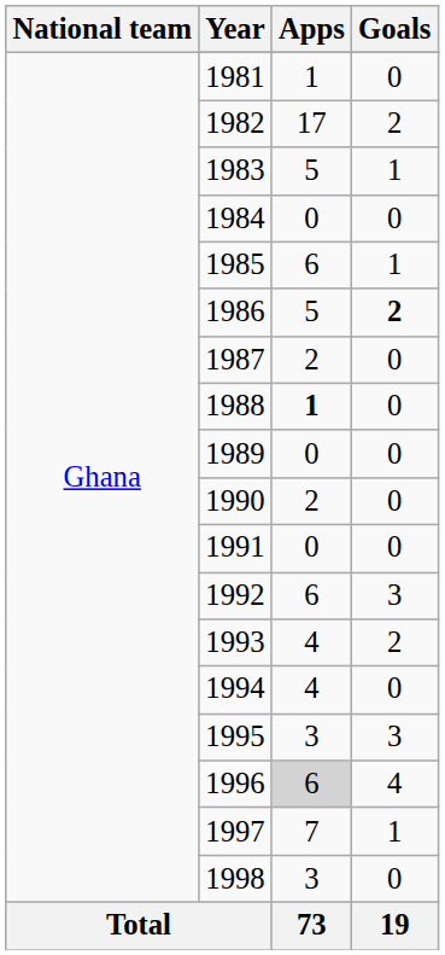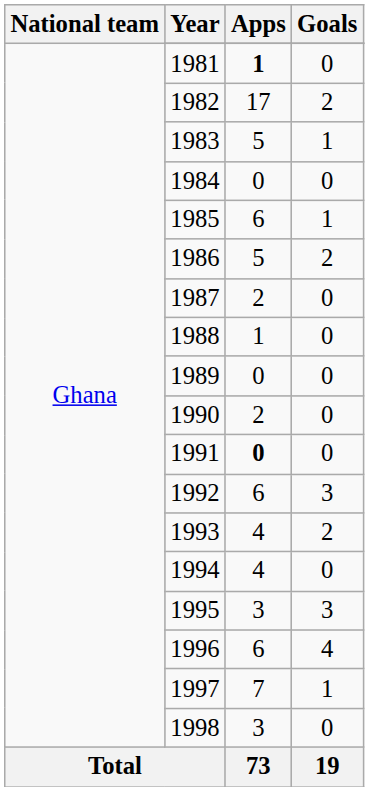 <table class="wikitable" style="text-align:center">
 <tr>
 <th>National team</th>
 <th>Year</th>
 <th>Apps</th>
 <th>Goals</th>
 </tr>
 <tr>
 <td rowspan="19"><a href='#'>Ghana</a></td>
 </tr>
 <tr>
 <td>1981</td>
-<td>1</td>
+<td><strong>1</strong></td>
 <td>0</td>
 </tr>
 <tr>
 <td>1982</td>
 <td>17</td>
 <td>2</td>
 </tr>
 <tr>
 <td>1983</td>
 <td>5</td>
 <td>1</td>
 </tr>
 <tr>
 <td>1984</td>
 <td>0</td>
 <td>0</td>
 </tr>
 <tr>
 <td>1985</td>
 <td>6</td>
 <td>1</td>
 </tr>
 <tr>
 <td>1986</td>
 <td>5</td>
-<td><strong>2</strong></td>
+<td>2</td>
 </tr>
 <tr>
 <td>1987</td>
 <td>2</td>
 <td>0</td>
 </tr>
 <tr>
 <td>1988</td>
-<td><strong>1</strong></td>
+<td>1</td>
 <td>0</td>
 </tr>
 <tr>
 <td>1989</td>
 <td>0</td>
 <td>0</td>
 </tr>
 <tr>
 <td>1990</td>
 <td>2</td>
 <td>0</td>
 </tr>
 <tr>
 <td>1991</td>
-<td>0</td>
+<td><strong>0</strong></td>
 <td>0</td>
 </tr>
 <tr>
 <td>1992</td>
 <td>6</td>
 <td>3</td>
 </tr>
 <tr>
 <td>1993</td>
 <td>4</td>
 <td>2</td>
 </tr>
 <tr>
 <td>1994</td>
 <td>4</td>
 <td>0</td>
 </tr>
 <tr>
 <td>1995</td>
 <td>3</td>
 <td>3</td>
 </tr>
 <tr>
 <td>1996</td>
-<td style="background: lightgrey;">6</td>
+<td>6</td>
 <td>4</td>
 </tr>
 <tr>
 <td>1997</td>
 <td>7</td>
 <td>1</td>
 </tr>
 <tr>
 <td>1998</td>
 <td>3</td>
 <td>0</td>
 </tr>
 <tr>
 <th colspan="2">Total</th>
 <th>73</th>
 <th>19</th>
 </tr>
 </table>
